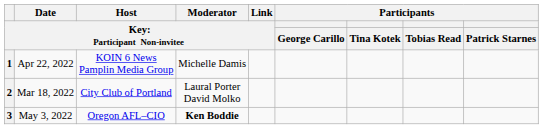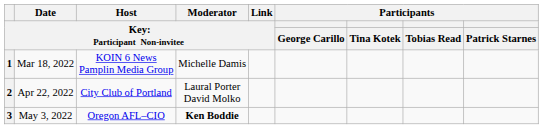 <table class="wikitable" style="text-align:center;">
 <tr>
 <th scope="col"></th>
 <th scope="col">Date</th>
 <th scope="col">Host</th>
 <th scope="col">Moderator</th>
 <th scope="col">Link</th>
 <th colspan="4" scope="col">Participants</th>
 </tr>
 <tr>
 <th colspan="5" rowspan="2">Key:<br> <small>Participant </small>  <small>Non-invitee </small></th>
 <th scope="col" style="background:"></th>
 <th scope="col" style="background:"></th>
 <th scope="col" style="background:"></th>
 <th scope="col" style="background:"></th>
 </tr>
 <tr>
 <th scope="col">George Carillo</th>
 <th scope="col">Tina Kotek</th>
 <th scope="col">Tobias Read</th>
 <th scope="col">Patrick Starnes</th>
 </tr>
 <tr>
 <th scope="row">1</th>
-<td>Apr 22, 2022</td>
+<td style="white-space:nowrap;">Mar 18, 2022</td>
 <td><a href='#'>KOIN 6 News</a><br><a href='#'>Pamplin Media Group</a></td>
 <td style="white-space:nowrap;">Michelle Damis</td>
 <td style="white-space:nowrap;"></td>
 <td></td>
 <td></td>
 <td></td>
 <td></td>
 </tr>
 <tr>
 <th>2</th>
-<td style="white-space:nowrap;">Mar 18, 2022</td>
+<td>Apr 22, 2022</td>
 <td><a href='#'>City Club of Portland</a></td>
 <td>Laural Porter<br>David Molko</td>
 <td></td>
 <td></td>
 <td></td>
 <td></td>
 <td></td>
 </tr>
 <tr>
 <th>3</th>
 <td>May 3, 2022</td>
 <td style="white-space:nowrap;"><a href='#'>Oregon AFL–CIO</a></td>
 <td><strong>Ken Boddie</strong></td>
 <td></td>
 <td></td>
 <td></td>
 <td></td>
 <td></td>
 </tr>
 </table>
